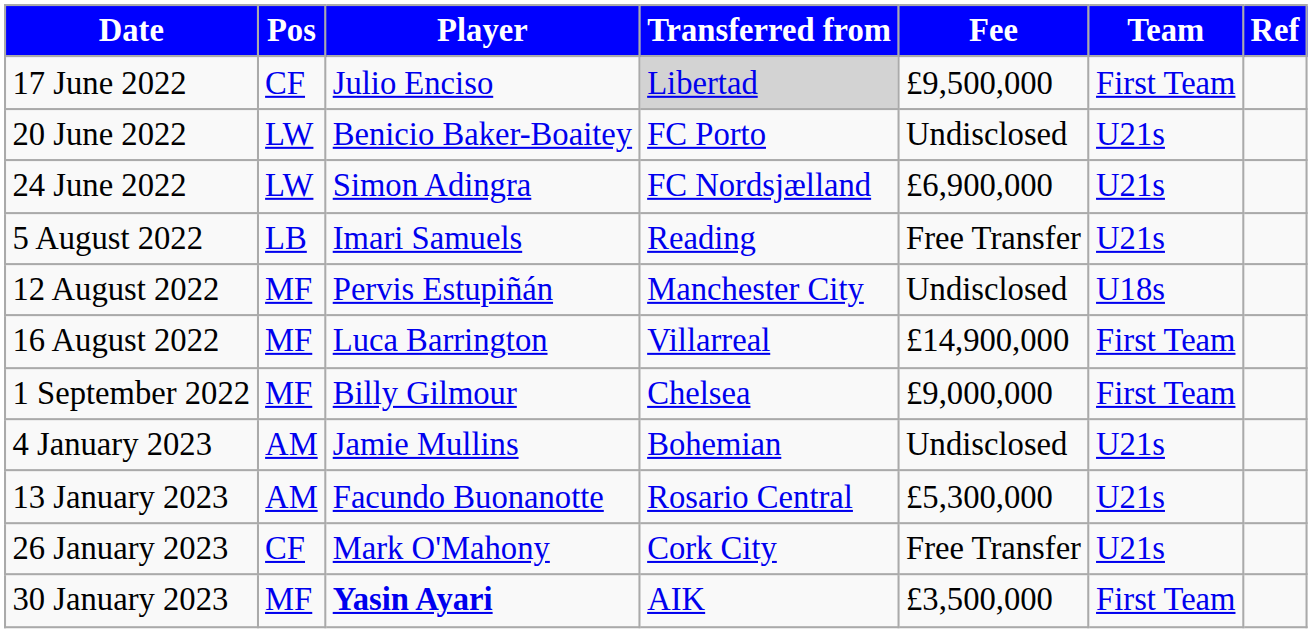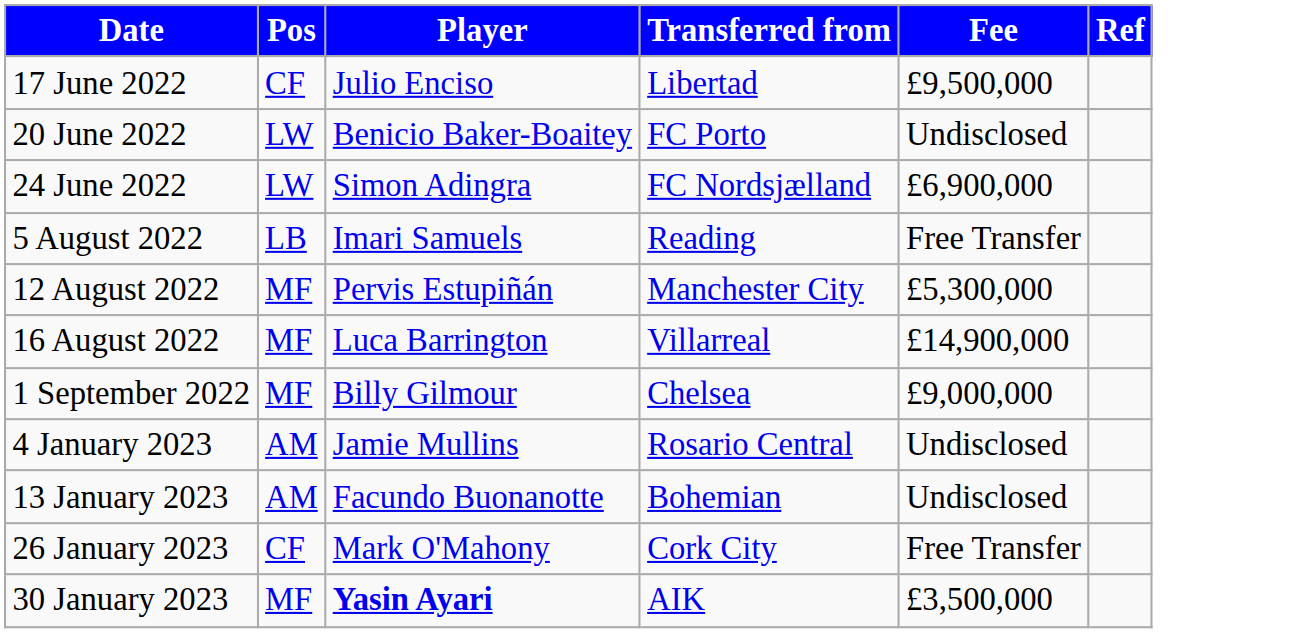 <table class="wikitable plainrowheaders sortable">
 <tr>
 <th style="background:#0000FF; color:#FFFFFF; ">Date</th>
 <th style="background:#0000FF; color:#FFFFFF; ">Pos</th>
 <th style="background:#0000FF; color:#FFFFFF; ">Player</th>
 <th style="background:#0000FF; color:#FFFFFF; ">Transferred from</th>
 <th style="background:#0000FF; color:#FFFFFF; ">Fee</th>
-<th style="background:#0000FF; color:#FFFFFF; ">Team</th>
 <th style="background:#0000FF; color:#FFFFFF; ">Ref</th>
 </tr>
 <tr>
 <td>17 June 2022</td>
 <td><a href='#'>CF</a></td>
 <td> <a href='#'>Julio Enciso</a></td>
-<td style="background: lightgrey;"> <a href='#'>Libertad</a></td>
+<td> <a href='#'>Libertad</a></td>
 <td>£9,500,000</td>
-<td><a href='#'>First Team</a></td>
 <td></td>
 </tr>
 <tr>
 <td>20 June 2022</td>
 <td><a href='#'>LW</a></td>
 <td> <a href='#'>Benicio Baker-Boaitey</a></td>
 <td> <a href='#'>FC Porto</a></td>
 <td>Undisclosed</td>
-<td><a href='#'>U21s</a></td>
 <td></td>
 </tr>
 <tr>
 <td>24 June 2022</td>
 <td><a href='#'>LW</a></td>
 <td> <a href='#'>Simon Adingra</a></td>
 <td> <a href='#'>FC Nordsjælland</a></td>
 <td>£6,900,000</td>
-<td><a href='#'>U21s</a></td>
 <td></td>
 </tr>
 <tr>
 <td>5 August 2022</td>
 <td><a href='#'>LB</a></td>
 <td> <a href='#'>Imari Samuels</a></td>
 <td> <a href='#'>Reading</a></td>
 <td>Free Transfer</td>
-<td><a href='#'>U21s</a></td>
 <td></td>
 </tr>
 <tr>
 <td>12 August 2022</td>
 <td><a href='#'>MF</a></td>
 <td> <a href='#'>Pervis Estupiñán</a></td>
 <td> <a href='#'>Manchester City</a></td>
-<td>Undisclosed</td>
-<td><a href='#'>U18s</a></td>
+<td>£5,300,000</td>
 <td></td>
 </tr>
 <tr>
 <td>16 August 2022</td>
 <td><a href='#'>MF</a></td>
 <td> <a href='#'>Luca Barrington</a></td>
 <td> <a href='#'>Villarreal</a></td>
 <td>£14,900,000</td>
-<td><a href='#'>First Team</a></td>
 <td></td>
 </tr>
 <tr>
 <td>1 September 2022</td>
 <td><a href='#'>MF</a></td>
 <td> <a href='#'>Billy Gilmour</a></td>
 <td> <a href='#'>Chelsea</a></td>
 <td>£9,000,000</td>
-<td><a href='#'>First Team</a></td>
 <td></td>
 </tr>
 <tr>
 <td>4 January 2023</td>
 <td><a href='#'>AM</a></td>
 <td> <a href='#'>Jamie Mullins</a></td>
-<td> <a href='#'>Bohemian</a></td>
+<td> <a href='#'>Rosario Central</a></td>
 <td>Undisclosed</td>
-<td><a href='#'>U21s</a></td>
 <td></td>
 </tr>
 <tr>
 <td>13 January 2023</td>
 <td><a href='#'>AM</a></td>
 <td> <a href='#'>Facundo Buonanotte</a></td>
-<td> <a href='#'>Rosario Central</a></td>
-<td>£5,300,000</td>
-<td><a href='#'>U21s</a></td>
+<td> <a href='#'>Bohemian</a></td>
+<td>Undisclosed</td>
 <td></td>
 </tr>
 <tr>
 <td>26 January 2023</td>
 <td><a href='#'>CF</a></td>
 <td> <a href='#'>Mark O'Mahony</a></td>
 <td> <a href='#'>Cork City</a></td>
 <td>Free Transfer</td>
-<td><a href='#'>U21s</a></td>
 <td></td>
 </tr>
 <tr>
 <td>30 January 2023</td>
 <td><a href='#'>MF</a></td>
 <td><strong> <a href='#'>Yasin Ayari</a></strong></td>
 <td> <a href='#'>AIK</a></td>
 <td>£3,500,000 </td>
-<td><a href='#'>First Team</a></td>
 <td></td>
 </tr>
 </table>
